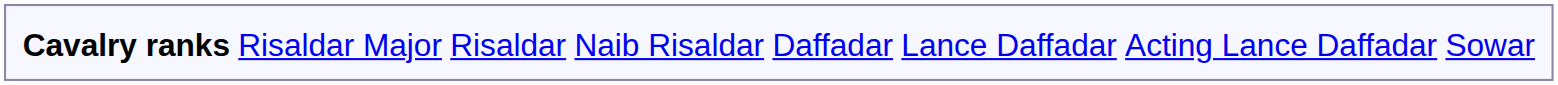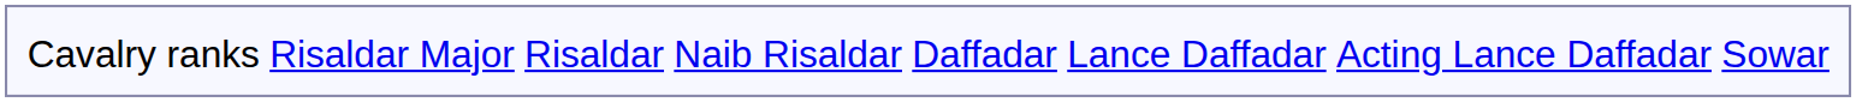 <table style="border:1px solid #8888aa; background-color:#f7f8ff; padding:5px; font-size:95%; margin: 0px 12px 12px 0px;">
 <tr style="background:#ccc;">
 </tr>
 <tr style="text-align:center;">
-<td><strong>Cavalry ranks</strong></td>
+<td>Cavalry ranks</td>
 <td colspan=6><a href='#'>Risaldar Major</a><br></td>
 <td colspan=2><a href='#'>Risaldar</a><br></td>
 <td colspan=2><a href='#'>Naib Risaldar</a><br></td>
 <td colspan=12><a href='#'>Daffadar</a><br></td>
 <td colspan=4><a href='#'>Lance Daffadar</a><br></td>
 <td colspan=2><a href='#'>Acting Lance Daffadar</a><br></td>
 <td colspan=8><a href='#'>Sowar</a><br></td>
 </tr>
 </table>
